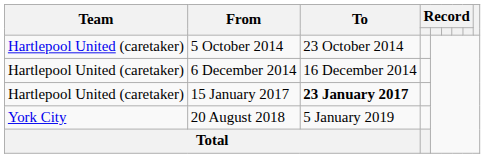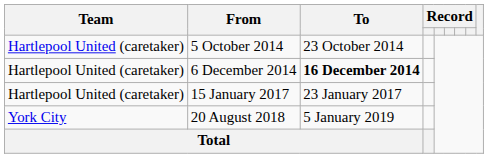 <table class=wikitable style=text-align:center>
 <tr>
 <th rowspan=2>Team</th>
 <th rowspan=2>From</th>
 <th rowspan=2>To</th>
 <th colspan=5>Record</th>
 <th rowspan=2></th>
 </tr>
 <tr>
 <th></th>
 <th></th>
 <th></th>
 <th></th>
 <th></th>
 </tr>
 <tr>
 <td align=left><a href='#'>Hartlepool United</a> (caretaker)</td>
 <td align=left>5 October 2014</td>
 <td align=left>23 October 2014<br></td>
 <td></td>
 </tr>
 <tr>
 <td align=left>Hartlepool United (caretaker)</td>
 <td align=left>6 December 2014</td>
-<td align=left>16 December 2014<br></td>
+<td align=left><strong>16 December 2014<br></strong></td>
 <td></td>
 </tr>
 <tr>
 <td align=left>Hartlepool United (caretaker)</td>
 <td align=left>15 January 2017</td>
-<td align=left><strong>23 January 2017<br></strong></td>
+<td align=left>23 January 2017<br></td>
 <td></td>
 </tr>
 <tr>
 <td align=left><a href='#'>York City</a></td>
 <td align=left>20 August 2018</td>
 <td align=left>5 January 2019<br></td>
 <td></td>
 </tr>
 <tr>
 <th colspan=3>Total<br></th>
 <th></th>
 </tr>
 </table>
